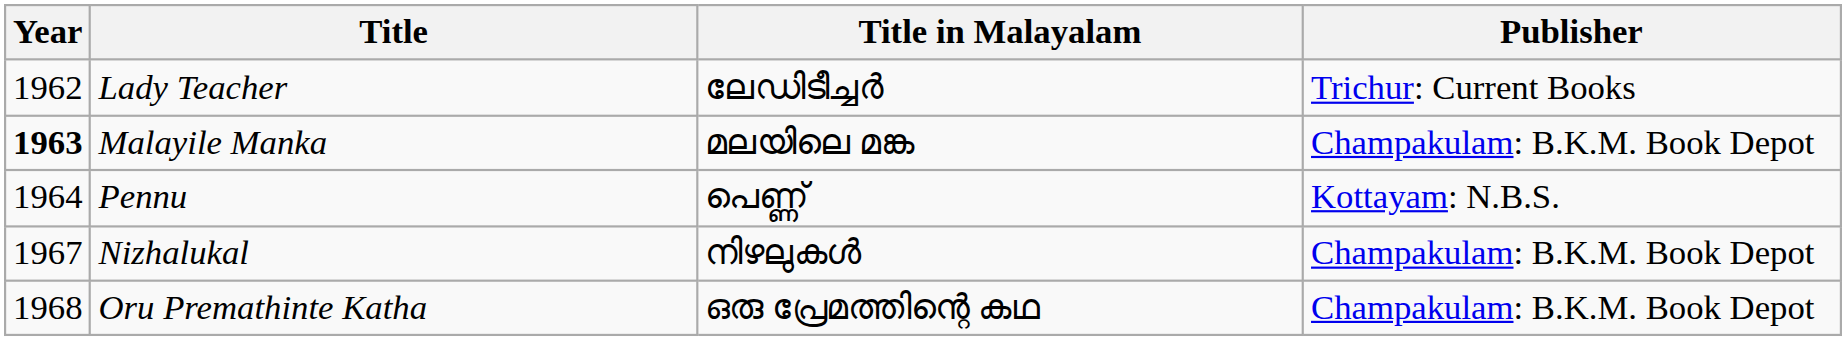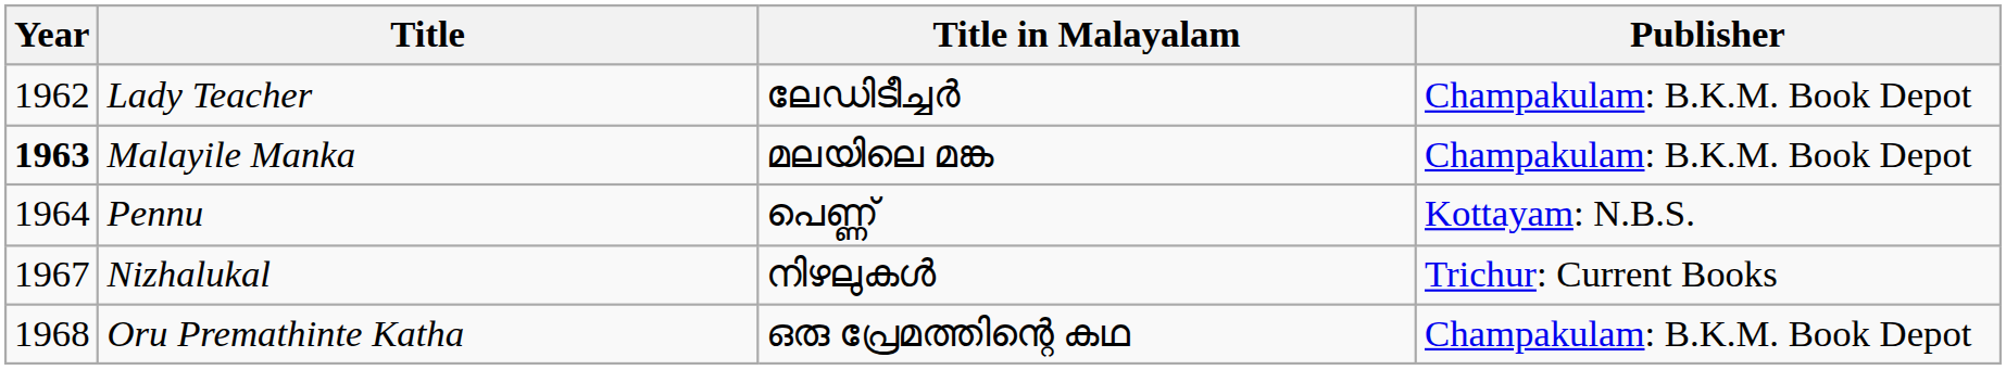 <table class="wikitable">
 <tr>
 <th>Year</th>
 <th ! style=width:17em>Title</th>
 <th ! style=width:17em>Title in Malayalam</th>
 <th ! style=width:15em>Publisher</th>
 </tr>
 <tr>
 <td>1962</td>
 <td><em>Lady Teacher</em></td>
 <td>ലേഡിടീച്ചർ</td>
-<td><a href='#'>Trichur</a>: Current Books</td>
+<td><a href='#'>Champakulam</a>: B.K.M. Book Depot</td>
 </tr>
 <tr>
 <td><strong>1963</strong></td>
 <td><em>Malayile Manka</em></td>
 <td>മലയിലെ മങ്ക</td>
 <td><a href='#'>Champakulam</a>: B.K.M. Book Depot</td>
 </tr>
 <tr>
 <td>1964</td>
 <td><em>Pennu</em></td>
 <td>പെണ്ണ്‌</td>
 <td><a href='#'>Kottayam</a>: N.B.S.</td>
 </tr>
 <tr>
 <td>1967</td>
 <td><em>Nizhalukal</em></td>
 <td>നിഴലുകൾ</td>
-<td><a href='#'>Champakulam</a>: B.K.M. Book Depot</td>
+<td><a href='#'>Trichur</a>: Current Books</td>
 </tr>
 <tr>
 <td>1968</td>
 <td><em>Oru Premathinte Katha</em></td>
 <td>ഒരു പ്രേമത്തിന്റെ കഥ</td>
 <td><a href='#'>Champakulam</a>: B.K.M. Book Depot</td>
 </tr>
 </table>
